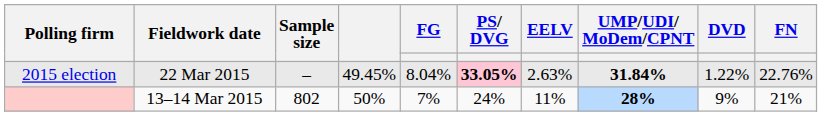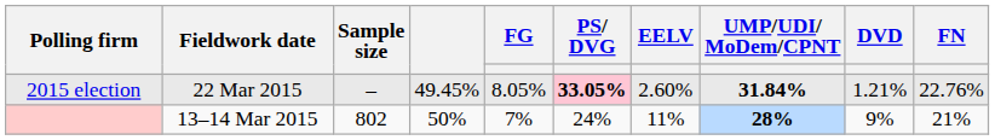 <table class="wikitable sortable" style="text-align:center;font-size:90%;line-height:14px;">
 <tr style="height:40px;">
 <th style="width:100px;" rowspan="2">Polling firm</th>
 <th style="width:110px;" rowspan="2">Fieldwork date</th>
 <th style="width:35px;" rowspan="2">Sample<br>size</th>
 <th style="width:30px;" rowspan="2"></th>
 <th class="unsortable" style="width:40px;"><a href='#'>FG</a></th>
 <th class="unsortable" style="width:40px;"><a href='#'>PS</a>/<br><a href='#'>DVG</a></th>
 <th class="unsortable" style="width:40px;"><a href='#'>EELV</a></th>
 <th class="unsortable" style="width:40px;"><a href='#'>UMP</a>/<a href='#'>UDI</a>/<br><a href='#'>MoDem</a>/<a href='#'>CPNT</a></th>
 <th class="unsortable" style="width:40px;"><a href='#'>DVD</a></th>
 <th class="unsortable" style="width:40px;"><a href='#'>FN</a></th>
 </tr>
 <tr>
 <th style="background:"></th>
 <th style="background:"></th>
 <th style="background:"></th>
 <th style="background:"></th>
 <th style="background:"></th>
 <th style="background:"></th>
 </tr>
 <tr style="background:#E9E9E9;">
 <td><a href='#'>2015 election</a></td>
 <td data-sort-value="2015-03-22">22 Mar 2015</td>
 <td>–</td>
 <td>49.45%</td>
-<td>8.04%</td>
+<td>8.05%</td>
 <td style="background:#FFC6D5;"><strong>33.05%</strong></td>
-<td>2.63%</td>
+<td>2.60%</td>
 <td><strong>31.84%</strong></td>
-<td>1.22%</td>
+<td>1.21%</td>
 <td>22.76%</td>
 </tr>
 <tr>
 <td style="background:#FFCCCC;"></td>
 <td data-sort-value="2015-03-14">13–14 Mar 2015</td>
 <td>802</td>
 <td>50%</td>
 <td>7%</td>
 <td>24%</td>
 <td>11%</td>
 <td style="background:#B9DAFF;"><strong>28%</strong></td>
 <td>9%</td>
 <td>21%</td>
 </tr>
 </table>
